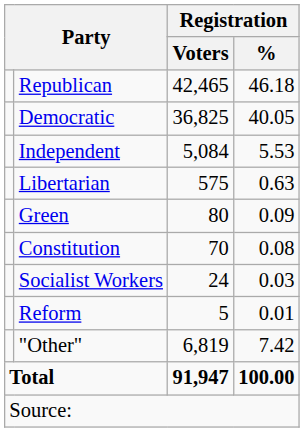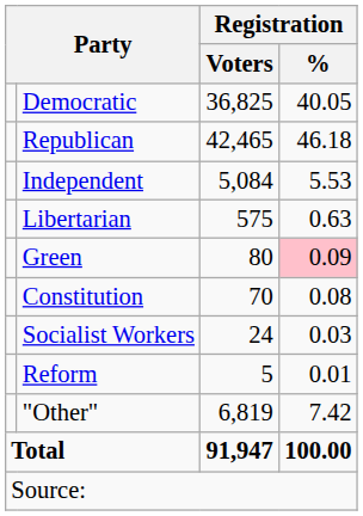 <table class="wikitable">
 <tr>
 <th colspan="2" rowspan="2">Party</th>
 <th colspan="2">Registration</th>
 </tr>
 <tr>
 <th>Voters</th>
 <th>%</th>
 </tr>
 <tr>
 <td style="background-color:"></td>
+<td><a href='#'>Democratic</a></td>
+<td style="text-align:right;">36,825</td>
+<td style="text-align:right;">40.05</td>
+</tr>
+<tr>
+<td style="background-color:"></td>
 <td><a href='#'>Republican</a></td>
 <td style="text-align:right;">42,465</td>
 <td style="text-align:right;">46.18</td>
-</tr>
-<tr>
-<td style="background-color:"></td>
-<td><a href='#'>Democratic</a></td>
-<td style="text-align:right;">36,825</td>
-<td style="text-align:right;">40.05</td>
 </tr>
 <tr>
 <td style="background-color:"></td>
 <td><a href='#'>Independent</a></td>
 <td style="text-align:right;">5,084</td>
 <td style="text-align:right;">5.53</td>
 </tr>
 <tr>
 <td style="background-color:"></td>
 <td><a href='#'>Libertarian</a></td>
 <td style="text-align:right;">575</td>
 <td style="text-align:right;">0.63</td>
 </tr>
 <tr>
 <td style="background-color:"></td>
 <td><a href='#'>Green</a></td>
 <td style="text-align:right;">80</td>
-<td style="text-align:right;">0.09</td>
+<td style="background: pink; text-align:right;">0.09</td>
 </tr>
 <tr>
 <td style="background-color:"></td>
 <td><a href='#'>Constitution</a></td>
 <td style="text-align:right;">70</td>
 <td style="text-align:right;">0.08</td>
 </tr>
 <tr>
 <td style="background-color:"></td>
 <td><a href='#'>Socialist Workers</a></td>
 <td style="text-align:right;">24</td>
 <td style="text-align:right;">0.03</td>
 </tr>
 <tr>
 <td style="background-color:"></td>
 <td><a href='#'>Reform</a></td>
 <td style="text-align:right;">5</td>
 <td style="text-align:right;">0.01</td>
 </tr>
 <tr>
 <td></td>
 <td>"Other"</td>
 <td style="text-align:right;">6,819</td>
 <td style="text-align:right;">7.42</td>
 </tr>
 <tr>
 <td colspan="2"><strong>Total</strong></td>
 <td style="text-align:right;"><strong>91,947</strong></td>
 <td style="text-align:right;"><strong>100.00</strong></td>
 </tr>
 <tr>
 <td colspan="4">Source: <em></em></td>
 </tr>
 </table>
